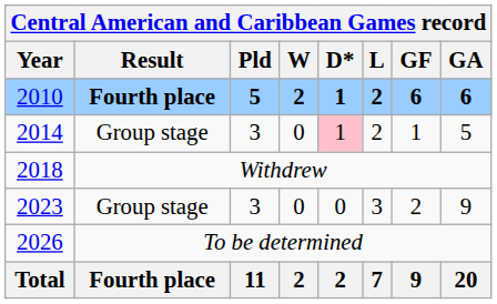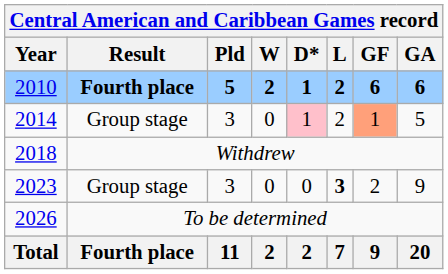 <table class="wikitable" style="text-align: center;">
 <tr>
 <th colspan=8><a href='#'>Central American and Caribbean Games</a> record</th>
 </tr>
 <tr>
 <th>Year</th>
 <th>Result</th>
 <th>Pld</th>
 <th>W</th>
 <th>D*</th>
 <th>L</th>
 <th>GF</th>
 <th>GA</th>
 </tr>
 <tr bgcolor=#9acdff>
 <td> <a href='#'>2010</a></td>
 <td><strong>Fourth place</strong></td>
 <td><strong>5</strong></td>
 <td><strong>2</strong></td>
 <td><strong>1</strong></td>
 <td><strong>2</strong></td>
 <td><strong>6</strong></td>
 <td><strong>6</strong></td>
 </tr>
 <tr>
 <td> <a href='#'>2014</a></td>
 <td>Group stage</td>
 <td>3</td>
 <td>0</td>
 <td style="background: pink;">1</td>
 <td>2</td>
-<td>1</td>
+<td style="background: lightsalmon;">1</td>
 <td>5</td>
 </tr>
 <tr>
 <td> <a href='#'>2018</a></td>
 <td colspan=7><em>Withdrew</em></td>
 </tr>
 <tr>
 <td> <a href='#'>2023</a></td>
 <td>Group stage</td>
 <td>3</td>
 <td>0</td>
 <td>0</td>
-<td>3</td>
+<td><strong>3</strong></td>
 <td>2</td>
 <td>9</td>
 </tr>
 <tr>
 <td> <a href='#'>2026</a></td>
 <td colspan=8><em>To be determined</em></td>
 </tr>
 <tr>
 <th>Total</th>
 <th>Fourth place</th>
 <th>11</th>
 <th>2</th>
 <th>2</th>
 <th>7</th>
 <th>9</th>
 <th>20</th>
 </tr>
 </table>
